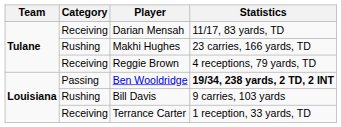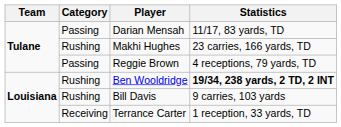 <table class="wikitable" style="float: right;">
 <tr>
 <th>Team</th>
 <th>Category</th>
 <th>Player</th>
 <th>Statistics</th>
 </tr>
 <tr>
 <td rowspan=3><strong>Tulane</strong></td>
-<td>Receiving</td>
+<td>Passing</td>
 <td>Darian Mensah</td>
 <td>11/17, 83 yards, TD</td>
 </tr>
 <tr>
 <td>Rushing</td>
 <td>Makhi Hughes</td>
 <td>23 carries, 166 yards, TD</td>
 </tr>
 <tr>
-<td>Receiving</td>
+<td>Passing</td>
 <td>Reggie Brown</td>
 <td>4 receptions, 79 yards, TD</td>
 </tr>
 <tr>
 <td rowspan=3><strong>Louisiana</strong></td>
-<td>Passing</td>
+<td>Rushing</td>
 <td><a href='#'>Ben Wooldridge</a></td>
 <td><strong>19/34, 238 yards, 2 TD, 2 INT</strong></td>
 </tr>
 <tr>
 <td>Rushing</td>
 <td>Bill Davis</td>
 <td>9 carries, 103 yards</td>
 </tr>
 <tr>
 <td>Receiving</td>
 <td>Terrance Carter</td>
 <td>1 reception, 33 yards, TD</td>
 </tr>
 </table>
